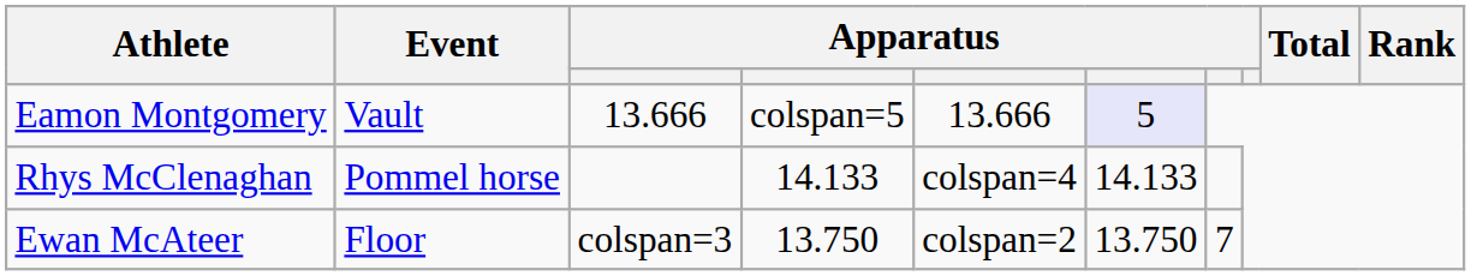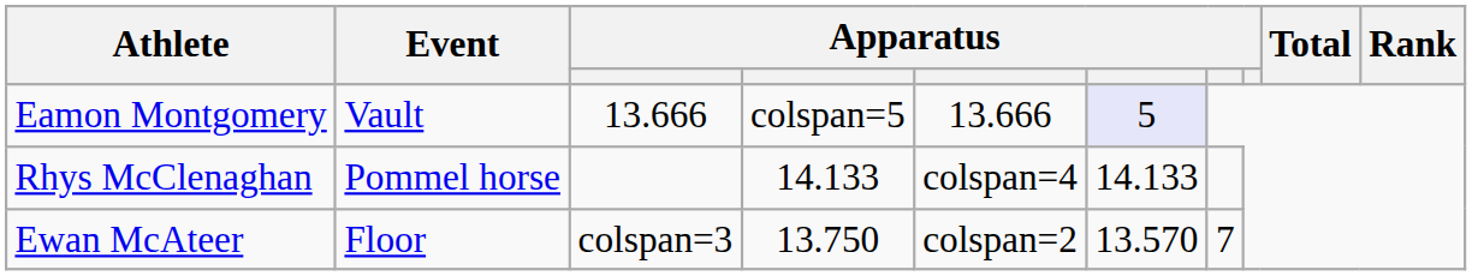 <table class="wikitable" style="font-size:90%">
 <tr>
 <th rowspan=2>Athlete</th>
 <th rowspan=2>Event</th>
 <th colspan=6>Apparatus</th>
 <th rowspan=2>Total</th>
 <th rowspan=2>Rank</th>
 </tr>
 <tr style="font-size:95%">
 <th></th>
 <th></th>
 <th></th>
 <th></th>
 <th></th>
 <th></th>
 </tr>
 <tr align=center>
 <td align=left rowspan=1><a href='#'>Eamon Montgomery</a></td>
 <td align=left><a href='#'>Vault</a></td>
 <td>13.666</td>
 <td>colspan=5 </td>
 <td>13.666</td>
 <td style="background: lavender;">5</td>
 </tr>
 <tr align=center>
 <td align=left rowspan=1><a href='#'>Rhys McClenaghan</a></td>
 <td align=left><a href='#'>Pommel horse</a></td>
 <td></td>
 <td>14.133</td>
 <td>colspan=4 </td>
 <td>14.133</td>
 <td></td>
 </tr>
 <tr align=center>
 <td align=left rowspan=1><a href='#'>Ewan McAteer</a></td>
 <td align=left><a href='#'>Floor</a></td>
 <td>colspan=3 </td>
 <td>13.750</td>
 <td>colspan=2 </td>
-<td>13.750</td>
+<td>13.570</td>
 <td>7</td>
 </tr>
 </table>
